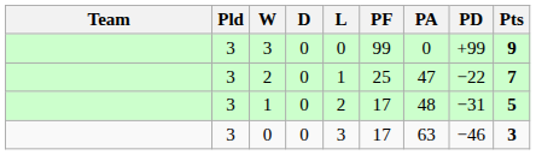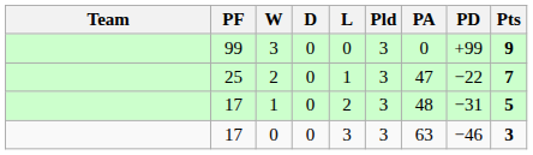 <table class="wikitable" style="text-align:center;">
 <tr>
 <th width=175>Team</th>
-<th width=25 abbr="Played">Pld</th>
+<th width=32 abbr="Points for">PF</th>
 <th width=25 abbr="Won">W</th>
 <th width=25 abbr="Drawn">D</th>
 <th width=25 abbr="Lost">L</th>
-<th width=32 abbr="Points for">PF</th>
+<th width=25 abbr="Played">Pld</th>
 <th width=32 abbr="Points against">PA</th>
 <th width=32 abbr="Points difference">PD</th>
 <th width=25 abbr="Points">Pts</th>
 </tr>
 <tr bgcolor=ccffcc>
 <td align=left></td>
-<td>3</td>
+<td>99</td>
 <td>3</td>
 <td>0</td>
 <td>0</td>
-<td>99</td>
+<td>3</td>
 <td>0</td>
 <td>+99</td>
 <td><strong>9</strong></td>
 </tr>
 <tr bgcolor=ccffcc>
 <td align=left></td>
-<td>3</td>
+<td>25</td>
 <td>2</td>
 <td>0</td>
 <td>1</td>
-<td>25</td>
+<td>3</td>
 <td>47</td>
 <td>−22</td>
 <td><strong>7</strong></td>
 </tr>
 <tr bgcolor=ccffcc>
 <td align=left></td>
-<td>3</td>
+<td>17</td>
 <td>1</td>
 <td>0</td>
 <td>2</td>
-<td>17</td>
+<td>3</td>
 <td>48</td>
 <td>−31</td>
 <td><strong>5</strong></td>
 </tr>
 <tr>
 <td align=left></td>
-<td>3</td>
+<td>17</td>
 <td>0</td>
 <td>0</td>
 <td>3</td>
-<td>17</td>
+<td>3</td>
 <td>63</td>
 <td>−46</td>
 <td><strong>3</strong></td>
 </tr>
 </table>
